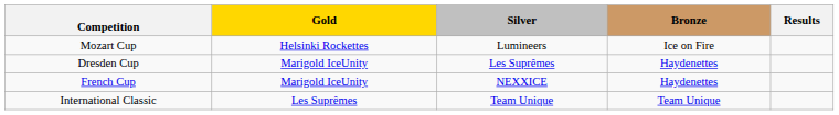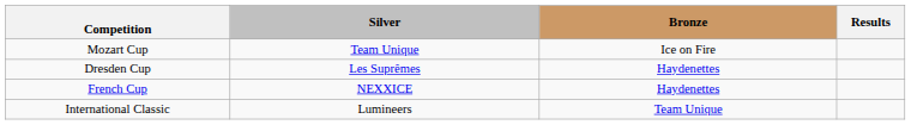 <table class="wikitable" style="text-align:center; width:90%;">
 <tr>
 <th scope="col" style="text-align:center; width:25%;"><br>Competition</th>
-<td bgcolor="gold" align="center"><strong>Gold</strong></td>
 <td bgcolor="silver" align="center"><strong>Silver</strong></td>
 <td bgcolor="cc9966" align="center"><strong>Bronze</strong></td>
 <th scope="col" style="text-align:center; width:7.5%;">Results</th>
 </tr>
 <tr>
 <td>Mozart Cup</td>
-<td><a href='#'>Helsinki Rockettes</a></td>
-<td>Lumineers</td>
+<td><a href='#'>Team Unique</a></td>
 <td>Ice on Fire</td>
 <td></td>
 </tr>
 <tr>
 <td>Dresden Cup</td>
-<td><a href='#'>Marigold IceUnity</a></td>
 <td><a href='#'>Les Suprêmes</a></td>
 <td><a href='#'>Haydenettes</a></td>
 <td></td>
 </tr>
 <tr>
 <td><a href='#'>French Cup</a></td>
-<td><a href='#'>Marigold IceUnity</a></td>
 <td><a href='#'>NEXXICE</a></td>
 <td><a href='#'>Haydenettes</a></td>
 <td></td>
 </tr>
 <tr>
 <td>International Classic</td>
-<td><a href='#'>Les Suprêmes</a></td>
-<td><a href='#'>Team Unique</a></td>
+<td>Lumineers</td>
 <td><a href='#'>Team Unique</a></td>
 <td></td>
 </tr>
 </table>
